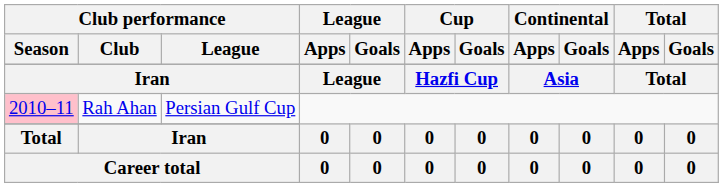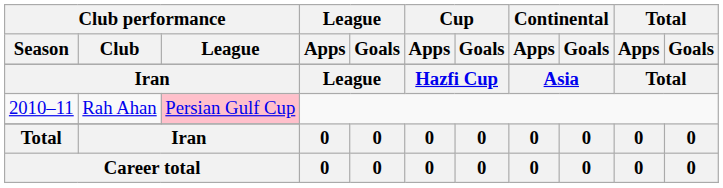 <table class="wikitable" style="text-align:center">
 <tr>
 <th colspan=3>Club performance</th>
 <th colspan=2>League</th>
 <th colspan=2>Cup</th>
 <th colspan=2>Continental</th>
 <th colspan=2>Total</th>
 </tr>
 <tr>
 <th>Season</th>
 <th>Club</th>
 <th>League</th>
 <th>Apps</th>
 <th>Goals</th>
 <th>Apps</th>
 <th>Goals</th>
 <th>Apps</th>
 <th>Goals</th>
 <th>Apps</th>
 <th>Goals</th>
 </tr>
 <tr>
 </tr>
 <tr>
 <th colspan=3>Iran</th>
 <th colspan=2>League</th>
 <th colspan=2><a href='#'>Hazfi Cup</a></th>
 <th colspan=2><a href='#'>Asia</a></th>
 <th colspan=2>Total</th>
 </tr>
 <tr>
-<td style="background: pink;"><a href='#'>2010–11</a></td>
+<td><a href='#'>2010–11</a></td>
 <td rowspan="1"><a href='#'>Rah Ahan</a></td>
-<td rowspan="1"><a href='#'>Persian Gulf Cup</a></td>
+<td rowspan="1" style="background: pink;"><a href='#'>Persian Gulf Cup</a></td>
 </tr>
 <tr>
 </tr>
 <tr>
 <th rowspan=1>Total</th>
 <th colspan=2>Iran</th>
 <th>0</th>
 <th>0</th>
 <th>0</th>
 <th>0</th>
 <th>0</th>
 <th>0</th>
 <th>0</th>
 <th>0</th>
 </tr>
 <tr>
 <th colspan=3>Career total</th>
 <th>0</th>
 <th>0</th>
 <th>0</th>
 <th>0</th>
 <th>0</th>
 <th>0</th>
 <th>0</th>
 <th>0</th>
 </tr>
 </table>
